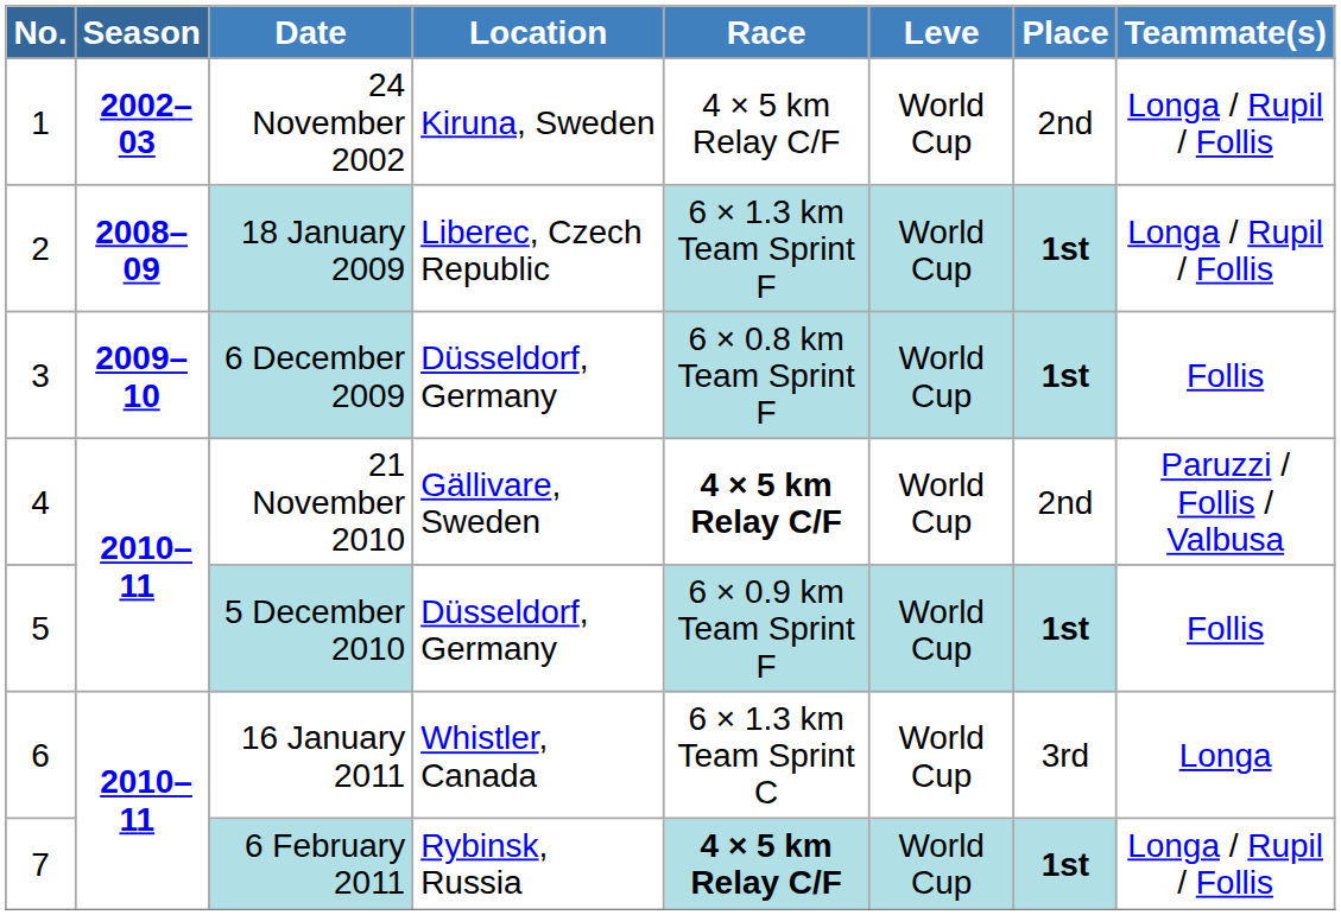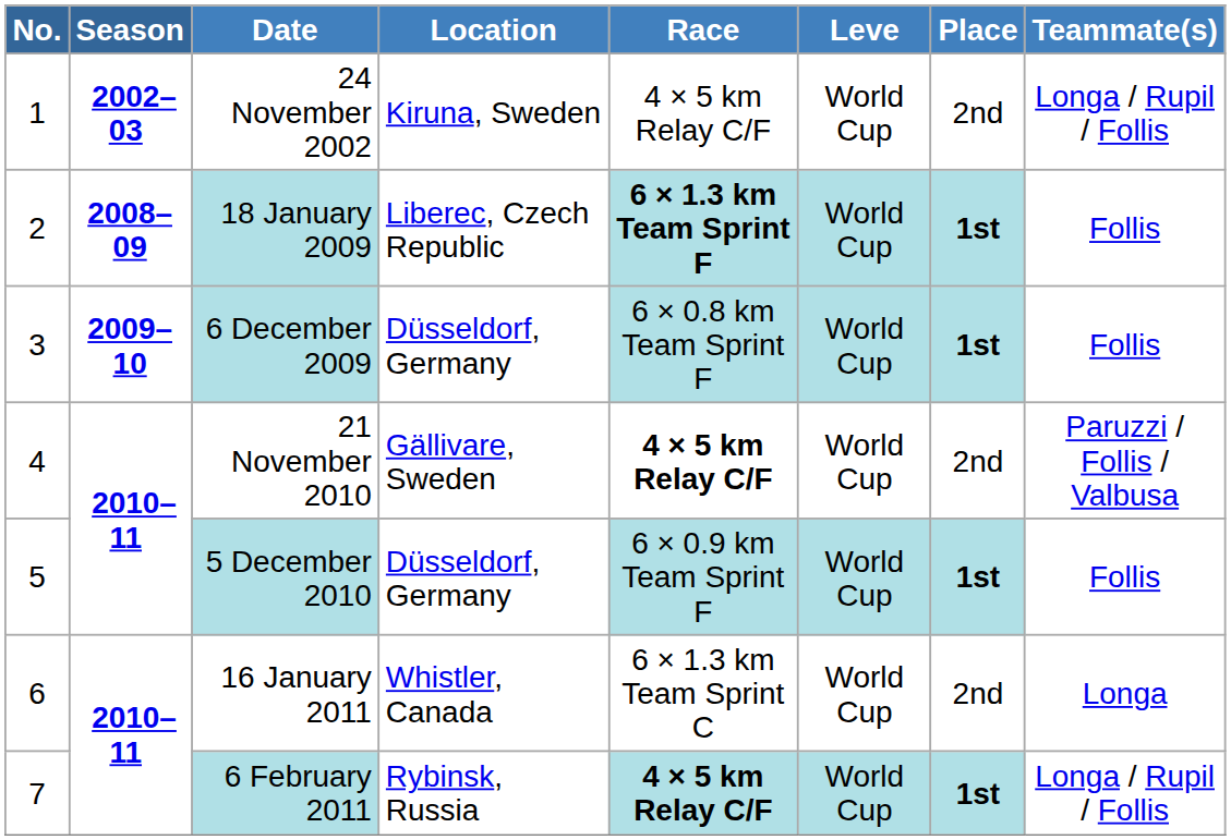 <table class="wikitable sortable" style="font-size:95%; text-align:center; border:grey solid 1px; border-collapse:collapse; background:#ffffff;">
 <tr style="background:#efefef;">
 <th style="background-color:#369; color:white;">No.</th>
 <th style="background-color:#369; color:white;">Season</th>
 <th style="background-color:#4180be; color:white; width:120px;">Date</th>
 <th style="background-color:#4180be; color:white; width:170px;">Location</th>
 <th style="background-color:#4180be; color:white; width:170px;">Race</th>
 <th style="background-color:#4180be; color:white; width:100px;">Leve</th>
 <th style="background-color:#4180be; color:white;">Place</th>
 <th style="background-color:#4180be; color:white;">Teammate(s)</th>
 </tr>
 <tr>
 <td align=center>1</td>
 <td rowspan=1 align=center><strong> <a href='#'>2002–03</a> </strong></td>
 <td align=right>24 November 2002</td>
 <td align=left> <a href='#'>Kiruna</a>, Sweden</td>
 <td>4 × 5 km Relay C/F</td>
 <td>World Cup</td>
 <td>2nd</td>
 <td><a href='#'>Longa</a> / <a href='#'>Rupil</a> / <a href='#'>Follis</a></td>
 </tr>
 <tr>
 <td align=center>2</td>
 <td rowspan=1 align=center><strong><a href='#'>2008–09</a></strong></td>
 <td bgcolor="#BOEOE6" align=right>18 January 2009</td>
 <td align=left> <a href='#'>Liberec</a>, Czech Republic</td>
-<td bgcolor="#BOEOE6">6 × 1.3 km Team Sprint F</td>
+<td bgcolor="#BOEOE6"><strong>6 × 1.3 km Team Sprint F</strong></td>
 <td bgcolor="#BOEOE6">World Cup</td>
 <td bgcolor="#BOEOE6"><strong>1st</strong></td>
-<td><a href='#'>Longa</a> / <a href='#'>Rupil</a> / <a href='#'>Follis</a></td>
+<td><a href='#'>Follis</a></td>
 </tr>
 <tr>
 <td align=center>3</td>
 <td rowspan=1 align=center><strong><a href='#'>2009–10</a></strong></td>
 <td bgcolor="#BOEOE6" align=right>6 December 2009</td>
 <td align=left> <a href='#'>Düsseldorf</a>, Germany</td>
 <td bgcolor="#BOEOE6">6 × 0.8 km Team Sprint F</td>
 <td bgcolor="#BOEOE6">World Cup</td>
 <td bgcolor="#BOEOE6"><strong>1st</strong></td>
 <td><a href='#'>Follis</a></td>
 </tr>
 <tr>
 <td align=center>4</td>
 <td rowspan=2 align=center><strong> <a href='#'>2010–11</a> </strong></td>
 <td align=right>21 November 2010</td>
 <td align=left> <a href='#'>Gällivare</a>, Sweden</td>
 <td><strong>4 × 5 km Relay C/F</strong></td>
 <td>World Cup</td>
 <td>2nd</td>
 <td><a href='#'>Paruzzi</a> / <a href='#'>Follis</a> / <a href='#'>Valbusa</a></td>
 </tr>
 <tr>
 <td align=center>5</td>
 <td bgcolor="#BOEOE6" align=right>5 December 2010</td>
 <td align=left> <a href='#'>Düsseldorf</a>, Germany</td>
 <td bgcolor="#BOEOE6">6 × 0.9 km Team Sprint F</td>
 <td bgcolor="#BOEOE6">World Cup</td>
 <td bgcolor="#BOEOE6"><strong>1st</strong></td>
 <td><a href='#'>Follis</a></td>
 </tr>
 <tr>
 <td align=center>6</td>
 <td rowspan=2 align=center><strong> <a href='#'>2010–11</a> </strong></td>
 <td align=right>16 January 2011</td>
 <td align=left> <a href='#'>Whistler</a>, Canada</td>
 <td>6 × 1.3 km Team Sprint C</td>
 <td>World Cup</td>
-<td>3rd</td>
+<td>2nd</td>
 <td><a href='#'>Longa</a></td>
 </tr>
 <tr>
 <td align=center>7</td>
 <td bgcolor="#BOEOE6" align=right>6 February 2011</td>
 <td align=left> <a href='#'>Rybinsk</a>, Russia</td>
 <td bgcolor="#BOEOE6"><strong>4 × 5 km Relay C/F</strong></td>
 <td bgcolor="#BOEOE6">World Cup</td>
 <td bgcolor="#BOEOE6"><strong>1st</strong></td>
 <td><a href='#'>Longa</a> / <a href='#'>Rupil</a> / <a href='#'>Follis</a></td>
 </tr>
 <tr>
 </tr>
 </table>
